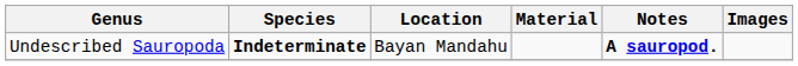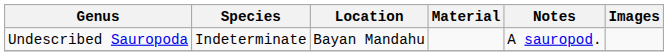 <table class="wikitable sortable">
 <tr>
 <th>Genus</th>
 <th>Species</th>
 <th>Location</th>
 <th>Material</th>
 <th>Notes</th>
 <th>Images</th>
 </tr>
 <tr>
 <td>Undescribed <a href='#'>Sauropoda</a></td>
-<td><strong>Indeterminate</strong></td>
+<td>Indeterminate</td>
 <td>Bayan Mandahu</td>
 <td></td>
-<td><strong>A <a href='#'>sauropod</a>.</strong></td>
+<td>A <a href='#'>sauropod</a>.</td>
 <td></td>
 </tr>
 <tr>
 </tr>
 </table>
